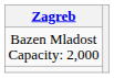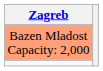 <table class="wikitable" style="text-align:center;">
 <tr>
 <th><a href='#'>Zagreb</a></th>
 <th rowspan=3></th>
 </tr>
 <tr>
-<td>Bazen Mladost<br>Capacity: 2,000</td>
+<td style="background: lightsalmon;">Bazen Mladost<br>Capacity: 2,000</td>
 </tr>
 <tr>
 <td></td>
 </tr>
 </table>
